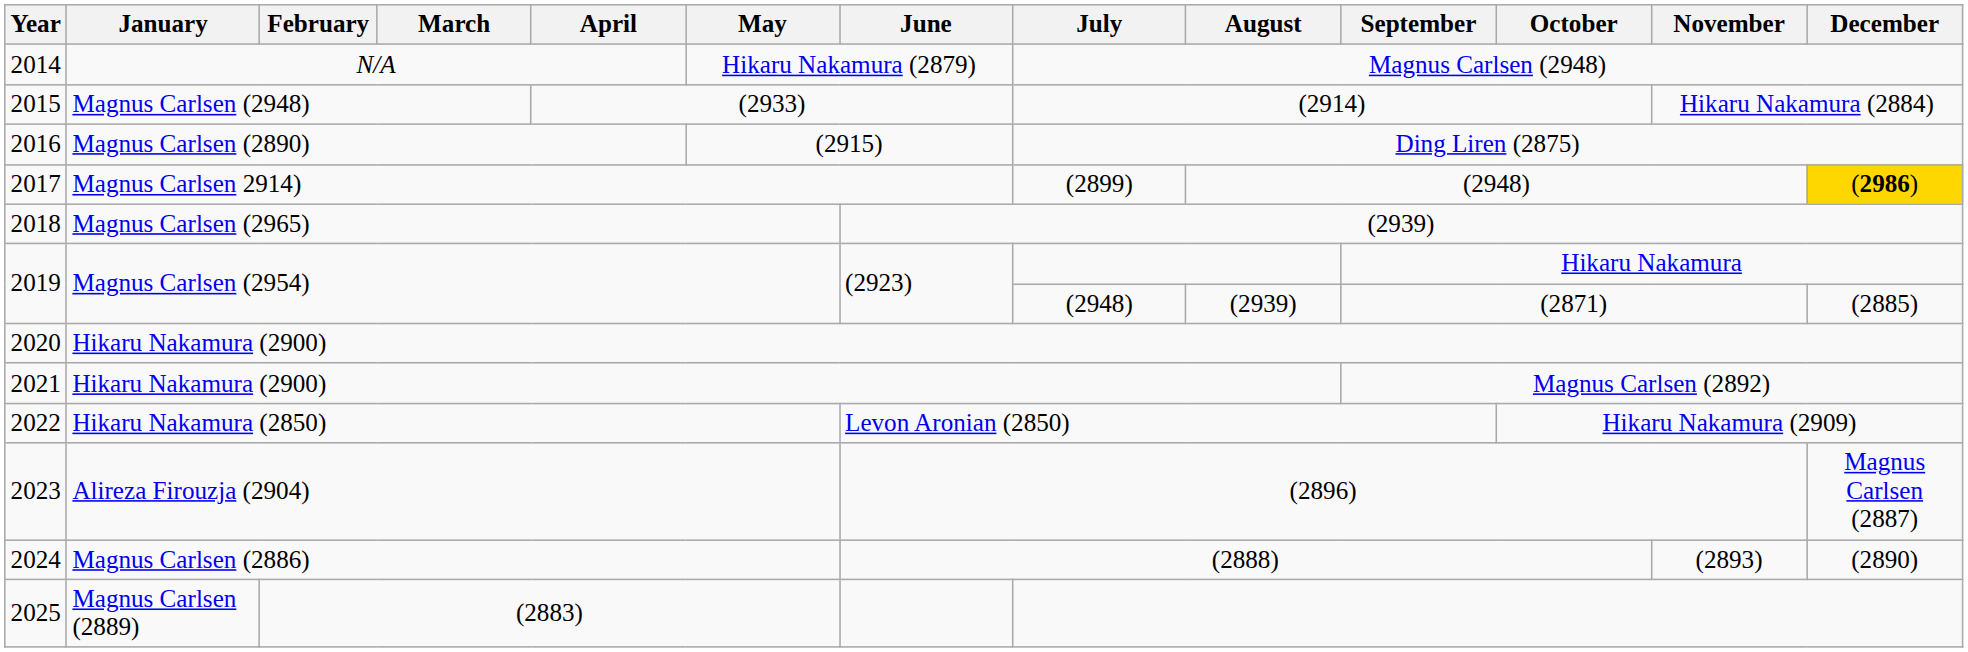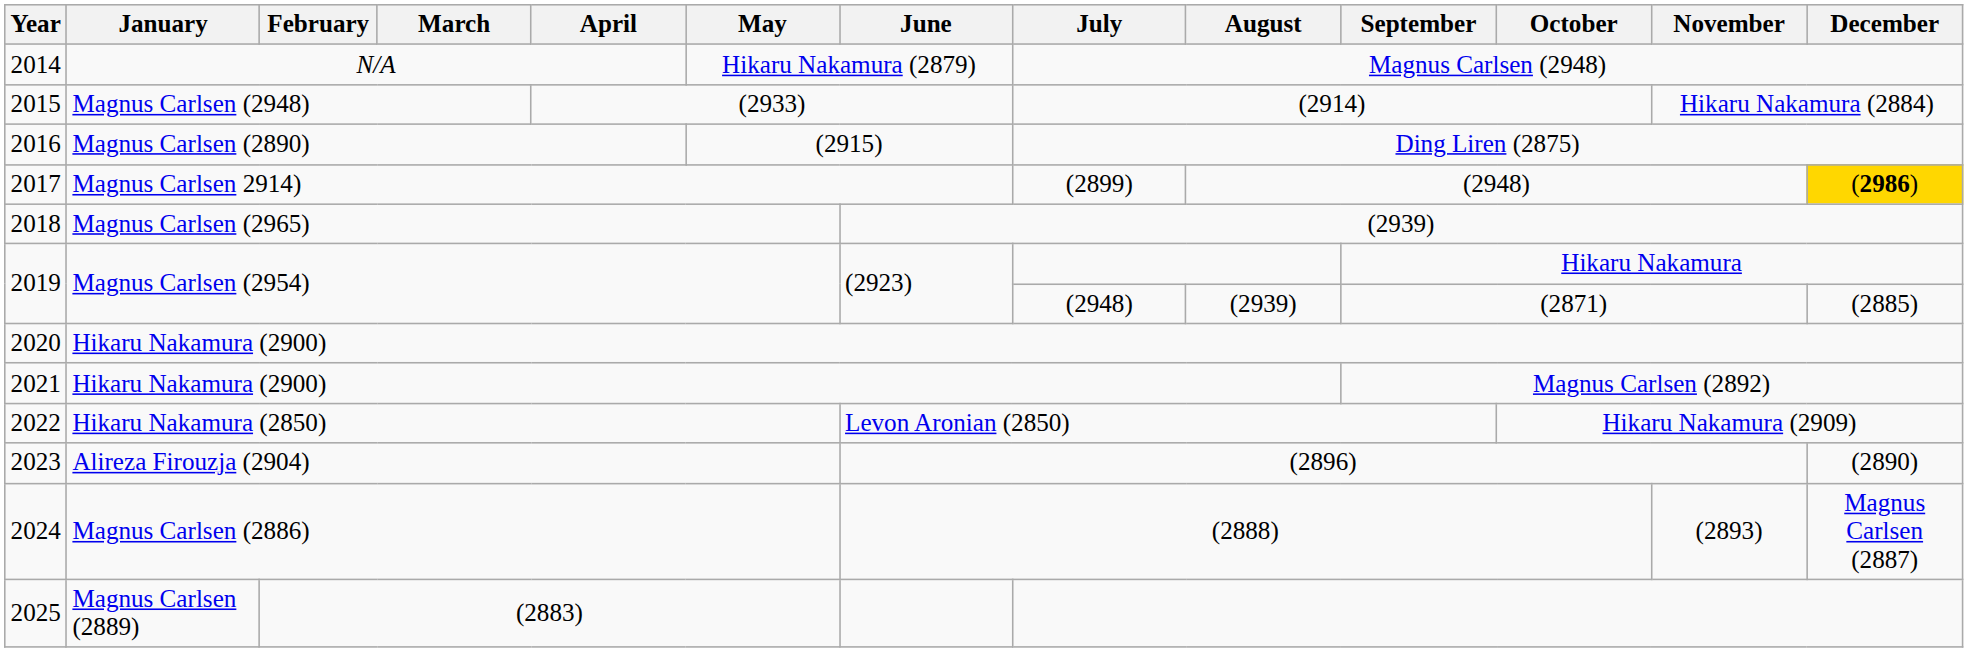 <table class="wikitable center" style="text-align:center">
 <tr>
 <th>Year</th>
 <th style="width:10%">January</th>
 <th style="width:6%">February</th>
 <th style="width:8%">March</th>
 <th style="width:8%">April</th>
 <th style="width:8%">May</th>
 <th style="width:9%">June</th>
 <th style="width:9%">July</th>
 <th style="width:8%">August</th>
 <th style="width:8%">September</th>
 <th style="width:8%">October</th>
 <th style="width:8%">November</th>
 <th style="width:8%">December</th>
 </tr>
 <tr>
 <td>2014</td>
 <td colspan=4><em>N/A</em></td>
 <td colspan=2> <a href='#'>Hikaru Nakamura</a> (2879)</td>
 <td colspan=6> <a href='#'>Magnus Carlsen</a> (2948)</td>
 </tr>
 <tr>
 <td>2015</td>
 <td colspan=3 align=left> <a href='#'>Magnus Carlsen</a> (2948)</td>
 <td colspan=3>(2933)</td>
 <td colspan=4>(2914)</td>
 <td colspan=2> <a href='#'>Hikaru Nakamura</a> (2884)</td>
 </tr>
 <tr>
 <td>2016</td>
 <td colspan=4 align=left> <a href='#'>Magnus Carlsen</a> (2890)</td>
 <td colspan=2>(2915)</td>
 <td colspan=6> <a href='#'>Ding Liren</a> (2875)</td>
 </tr>
 <tr>
 <td>2017</td>
 <td colspan=6 align=left> <a href='#'>Magnus Carlsen</a> 2914)</td>
 <td>(2899)</td>
 <td colspan=4>(2948)</td>
 <td style="background: gold;">(<strong>2986</strong>)</td>
 </tr>
 <tr>
 <td>2018</td>
 <td colspan=5 align=left> <a href='#'>Magnus Carlsen</a> (2965)</td>
 <td colspan=7>(2939)</td>
 </tr>
 <tr>
 <td rowspan=2>2019</td>
 <td colspan=5 align=left rowspan=2> <a href='#'>Magnus Carlsen</a> (2954)</td>
 <td rowspan=2 align=left>(2923)</td>
 <td colspan=2> </td>
 <td colspan=4> <a href='#'>Hikaru Nakamura</a></td>
 </tr>
 <tr>
 <td>(2948)</td>
 <td>(2939)</td>
 <td colspan=3>(2871)</td>
 <td>(2885)</td>
 </tr>
 <tr>
 <td>2020</td>
 <td colspan=12 align=left> <a href='#'>Hikaru Nakamura</a> (2900)</td>
 </tr>
 <tr>
 <td>2021</td>
 <td colspan=8 align=left> <a href='#'>Hikaru Nakamura</a> (2900)</td>
 <td colspan=4> <a href='#'>Magnus Carlsen</a> (2892)</td>
 </tr>
 <tr>
 <td>2022</td>
 <td colspan=5 align=left> <a href='#'>Hikaru Nakamura</a> (2850)</td>
 <td colspan=4 align=left> <a href='#'>Levon Aronian</a> (2850)</td>
 <td colspan=3> <a href='#'>Hikaru Nakamura</a> (2909)</td>
 </tr>
 <tr>
 <td>2023</td>
 <td colspan=5 align=left> <a href='#'>Alireza Firouzja</a> (2904)</td>
 <td colspan=6>(2896)</td>
-<td> <a href='#'>Magnus Carlsen</a> (2887)</td>
+<td>(2890)</td>
 </tr>
 <tr>
 <td>2024</td>
 <td colspan=5 align=left> <a href='#'>Magnus Carlsen</a> (2886)</td>
 <td colspan=5>(2888)</td>
 <td>(2893)</td>
-<td>(2890)</td>
+<td> <a href='#'>Magnus Carlsen</a> (2887)</td>
 </tr>
 <tr>
 <td>2025</td>
 <td align=left> <a href='#'>Magnus Carlsen</a> (2889)</td>
 <td colspan=4>(2883)</td>
 <td></td>
 </tr>
 </table>
